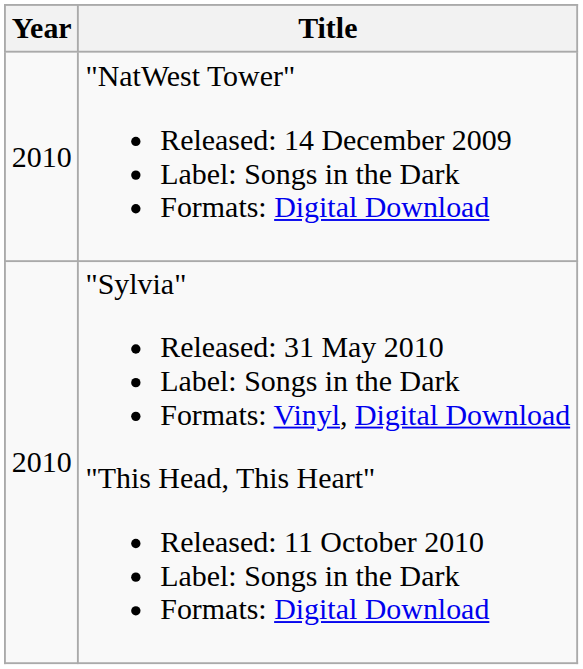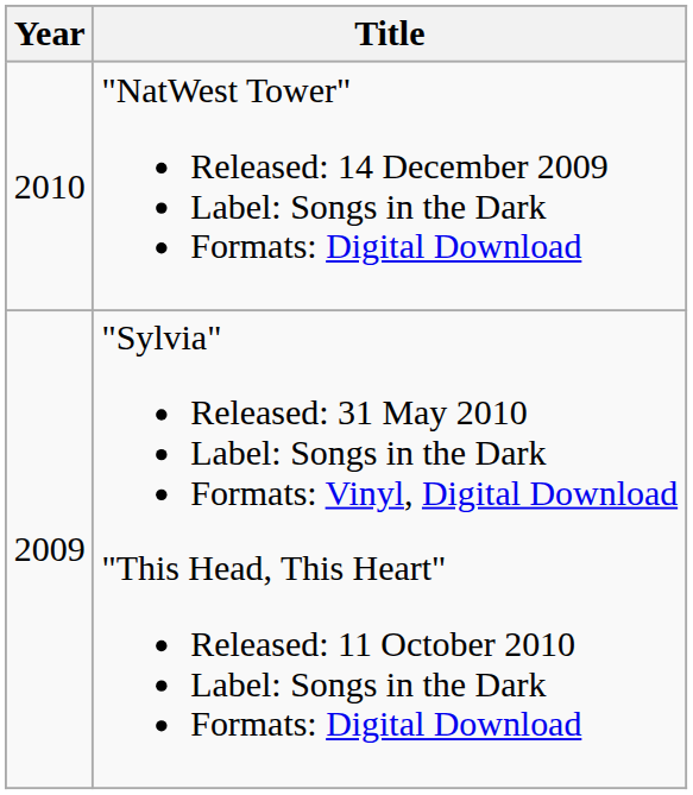 <table class="wikitable">
 <tr>
 <th>Year</th>
 <th>Title</th>
 </tr>
 <tr>
 <td>2010</td>
 <td>"NatWest Tower"<br><ul><li>Released: 14 December 2009</li><li>Label: Songs in the Dark</li><li>Formats: <a href='#'>Digital Download</a></li></ul></td>
 </tr>
 <tr>
-<td>2010</td>
+<td>2009</td>
 <td>"Sylvia"<br><ul><li>Released: 31 May 2010</li><li>Label: Songs in the Dark</li><li>Formats: <a href='#'>Vinyl</a>, <a href='#'>Digital Download</a></li></ul>"This Head, This Heart"<ul><li>Released: 11 October 2010</li><li>Label: Songs in the Dark</li><li>Formats: <a href='#'>Digital Download</a></li></ul></td>
 </tr>
 </table>
